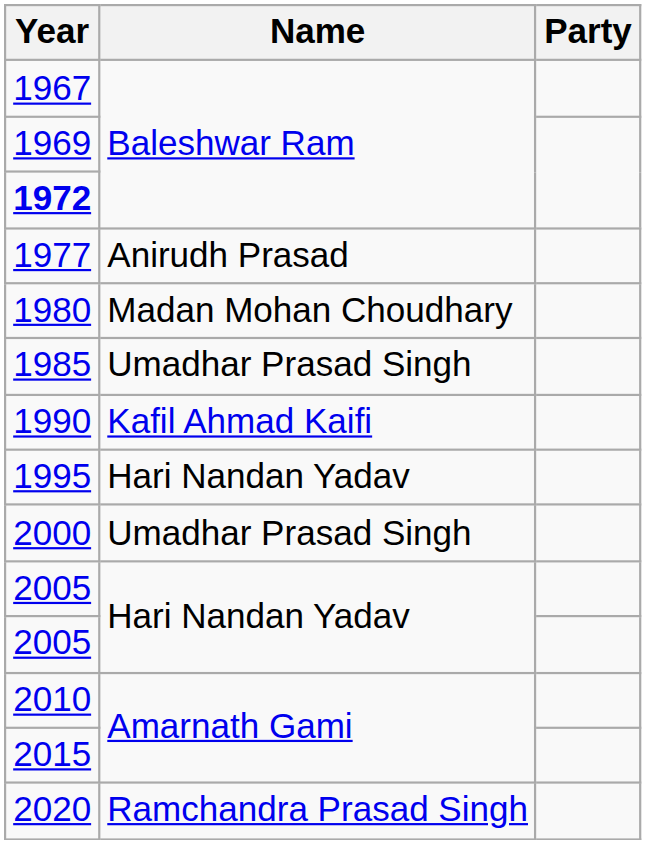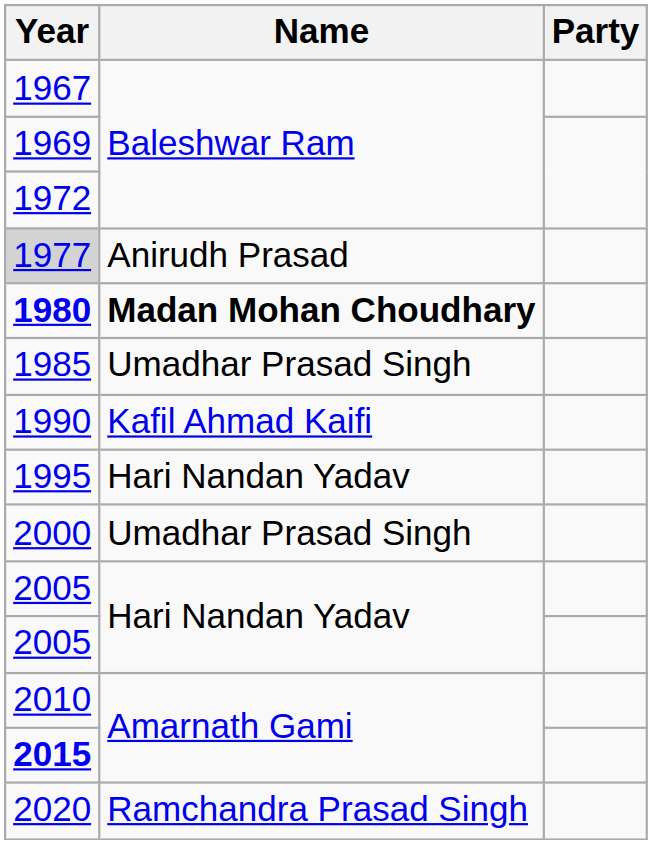 <table class="wikitable sortable">
 <tr>
 <th>Year</th>
 <th>Name</th>
 <th colspan="2">Party</th>
 </tr>
 <tr>
 <td><a href='#'>1967</a></td>
 <td rowspan="3"><a href='#'>Baleshwar Ram</a></td>
 <td></td>
 </tr>
 <tr>
 <td><a href='#'>1969</a></td>
 </tr>
 <tr>
-<td><strong><a href='#'>1972</a></strong></td>
+<td><a href='#'>1972</a></td>
 </tr>
 <tr>
-<td><a href='#'>1977</a></td>
+<td style="background: lightgrey;"><a href='#'>1977</a></td>
 <td>Anirudh Prasad</td>
 <td></td>
 </tr>
 <tr>
-<td><a href='#'>1980</a></td>
-<td>Madan Mohan Choudhary</td>
+<td><strong><a href='#'>1980</a></strong></td>
+<td><strong>Madan Mohan Choudhary</strong></td>
 <td></td>
 </tr>
 <tr>
 <td><a href='#'>1985</a></td>
 <td>Umadhar Prasad Singh</td>
 <td></td>
 </tr>
 <tr>
 <td><a href='#'>1990</a></td>
 <td><a href='#'>Kafil Ahmad Kaifi</a></td>
 <td></td>
 </tr>
 <tr>
 <td><a href='#'>1995</a></td>
 <td>Hari Nandan Yadav</td>
 </tr>
 <tr>
 <td><a href='#'>2000</a></td>
 <td>Umadhar Prasad Singh</td>
 <td></td>
 </tr>
 <tr>
 <td><a href='#'>2005</a></td>
 <td rowspan="2">Hari Nandan Yadav</td>
 <td></td>
 </tr>
 <tr>
 <td><a href='#'>2005</a></td>
 </tr>
 <tr>
 <td><a href='#'>2010</a></td>
 <td rowspan="2"><a href='#'>Amarnath Gami</a></td>
 <td></td>
 </tr>
 <tr>
-<td><a href='#'>2015</a></td>
+<td><strong><a href='#'>2015</a></strong></td>
 <td></td>
 </tr>
 <tr>
 <td><a href='#'>2020</a></td>
 <td><a href='#'>Ramchandra Prasad Singh</a></td>
 <td></td>
 </tr>
 </table>
